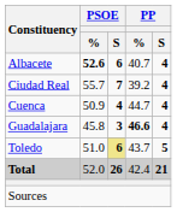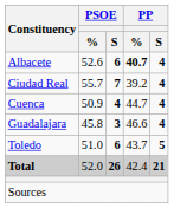 <table class="wikitable sortable" style="text-align:right; line-height:20px;">
 <tr>
 <th rowspan="3">Constituency</th>
 <th colspan="2" width="30px" class="unsortable"><a href='#'>PSOE</a></th>
 <th colspan="2" width="30px" class="unsortable"><a href='#'>PP</a></th>
 </tr>
 <tr>
 <th colspan="2" style="background:"></th>
 <th colspan="2" style="background:"></th>
 </tr>
 <tr>
 <th data-sort-type="number">%</th>
 <th data-sort-type="number">S</th>
 <th data-sort-type="number">%</th>
 <th data-sort-type="number">S</th>
 </tr>
 <tr>
 <td align="left"><a href='#'>Albacete</a></td>
-<td style="background:"><strong>52.6</strong></td>
+<td style="background:">52.6</td>
 <td><strong>6</strong></td>
-<td>40.7</td>
+<td><strong>40.7</strong></td>
 <td><strong>4</strong></td>
 </tr>
 <tr>
 <td align="left"><a href='#'>Ciudad Real</a></td>
 <td style="background:">55.7</td>
 <td><strong>7</strong></td>
 <td>39.2</td>
 <td><strong>4</strong></td>
 </tr>
 <tr>
 <td align="left"><a href='#'>Cuenca</a></td>
 <td style="background:">50.9</td>
 <td><strong>4</strong></td>
 <td>44.7</td>
 <td><strong>4</strong></td>
 </tr>
 <tr>
 <td align="left"><a href='#'>Guadalajara</a></td>
 <td>45.8</td>
 <td><strong>3</strong></td>
-<td style="background:"><strong>46.6</strong></td>
+<td style="background:">46.6</td>
 <td><strong>4</strong></td>
 </tr>
 <tr>
 <td align="left"><a href='#'>Toledo</a></td>
 <td style="background:">51.0</td>
-<td style="background: khaki;"><strong>6</strong></td>
+<td><strong>6</strong></td>
 <td>43.7</td>
 <td><strong>5</strong></td>
 </tr>
 <tr style="background:#CDCDCD;">
 <td align="left"><strong>Total</strong></td>
 <td style="background:">52.0</td>
 <td><strong>26</strong></td>
 <td>42.4</td>
 <td><strong>21</strong></td>
 </tr>
 <tr>
 <th colspan="5"></th>
 </tr>
 <tr>
 <th style="text-align:left; font-weight:normal; background:#F9F9F9" colspan="5">Sources</th>
 </tr>
 </table>
